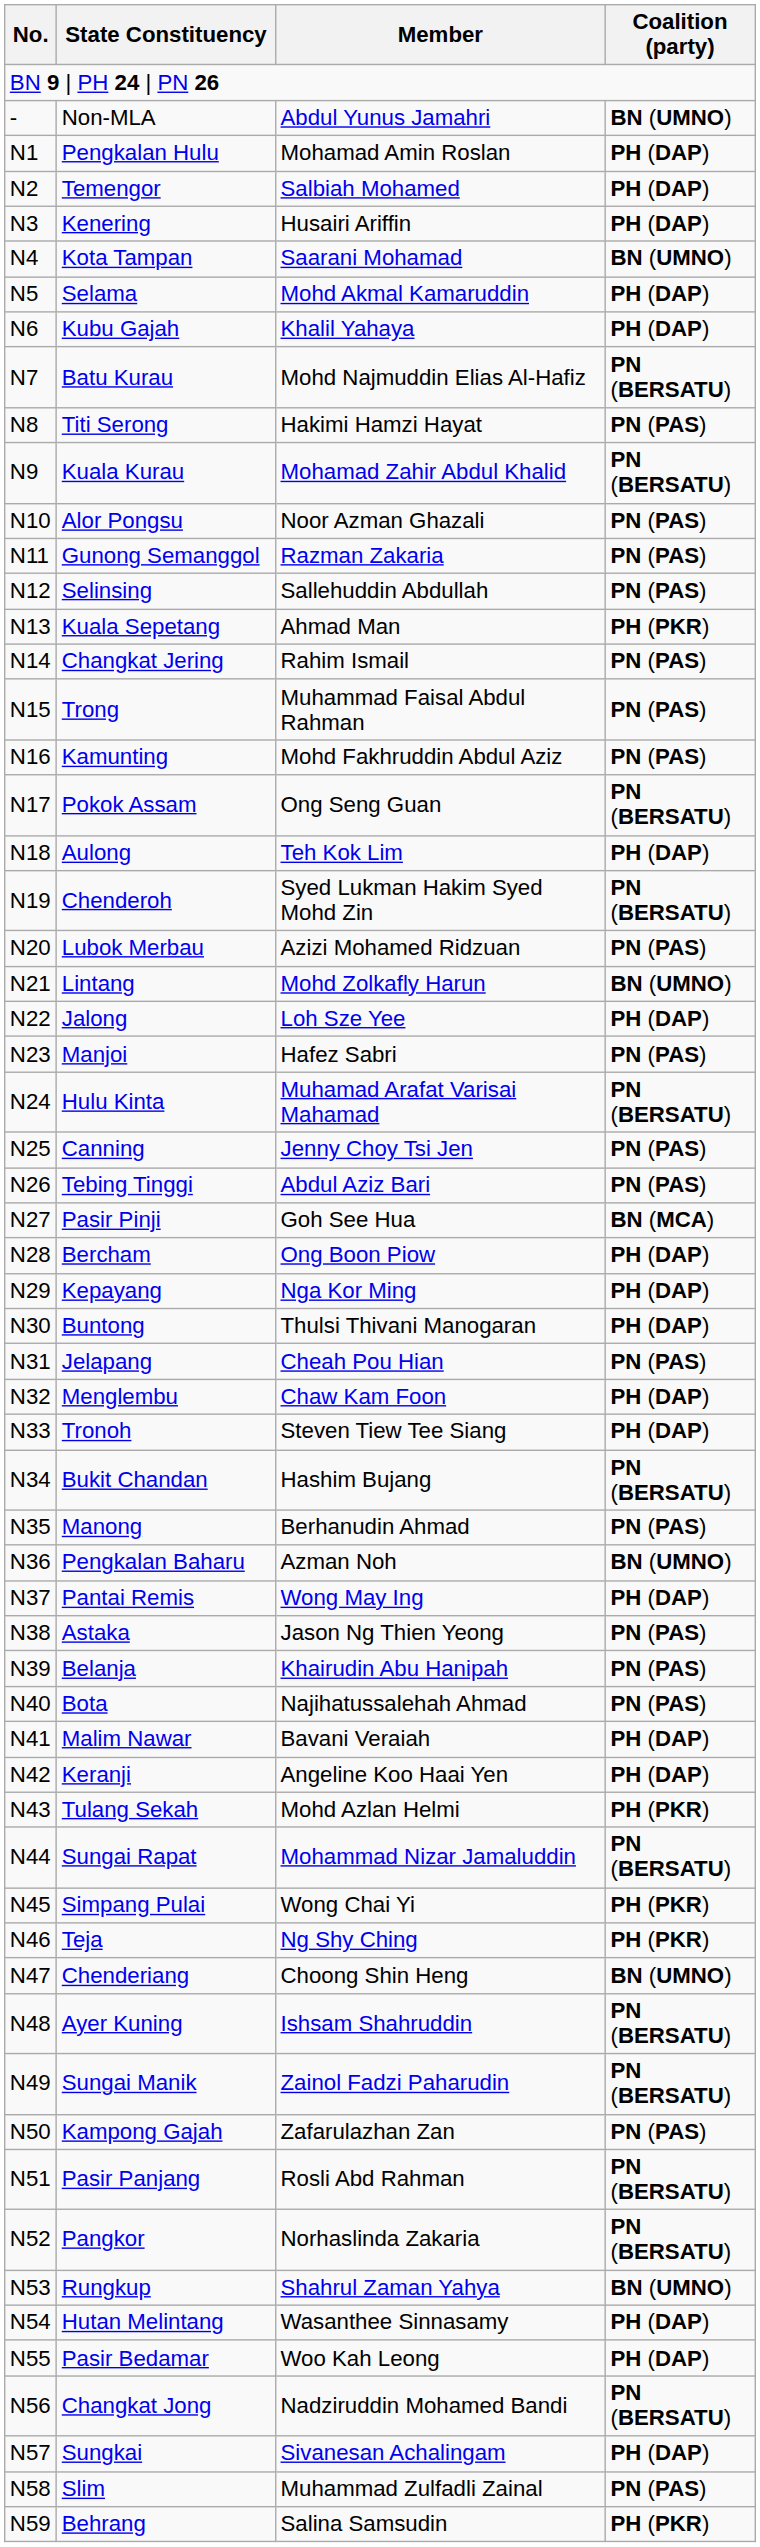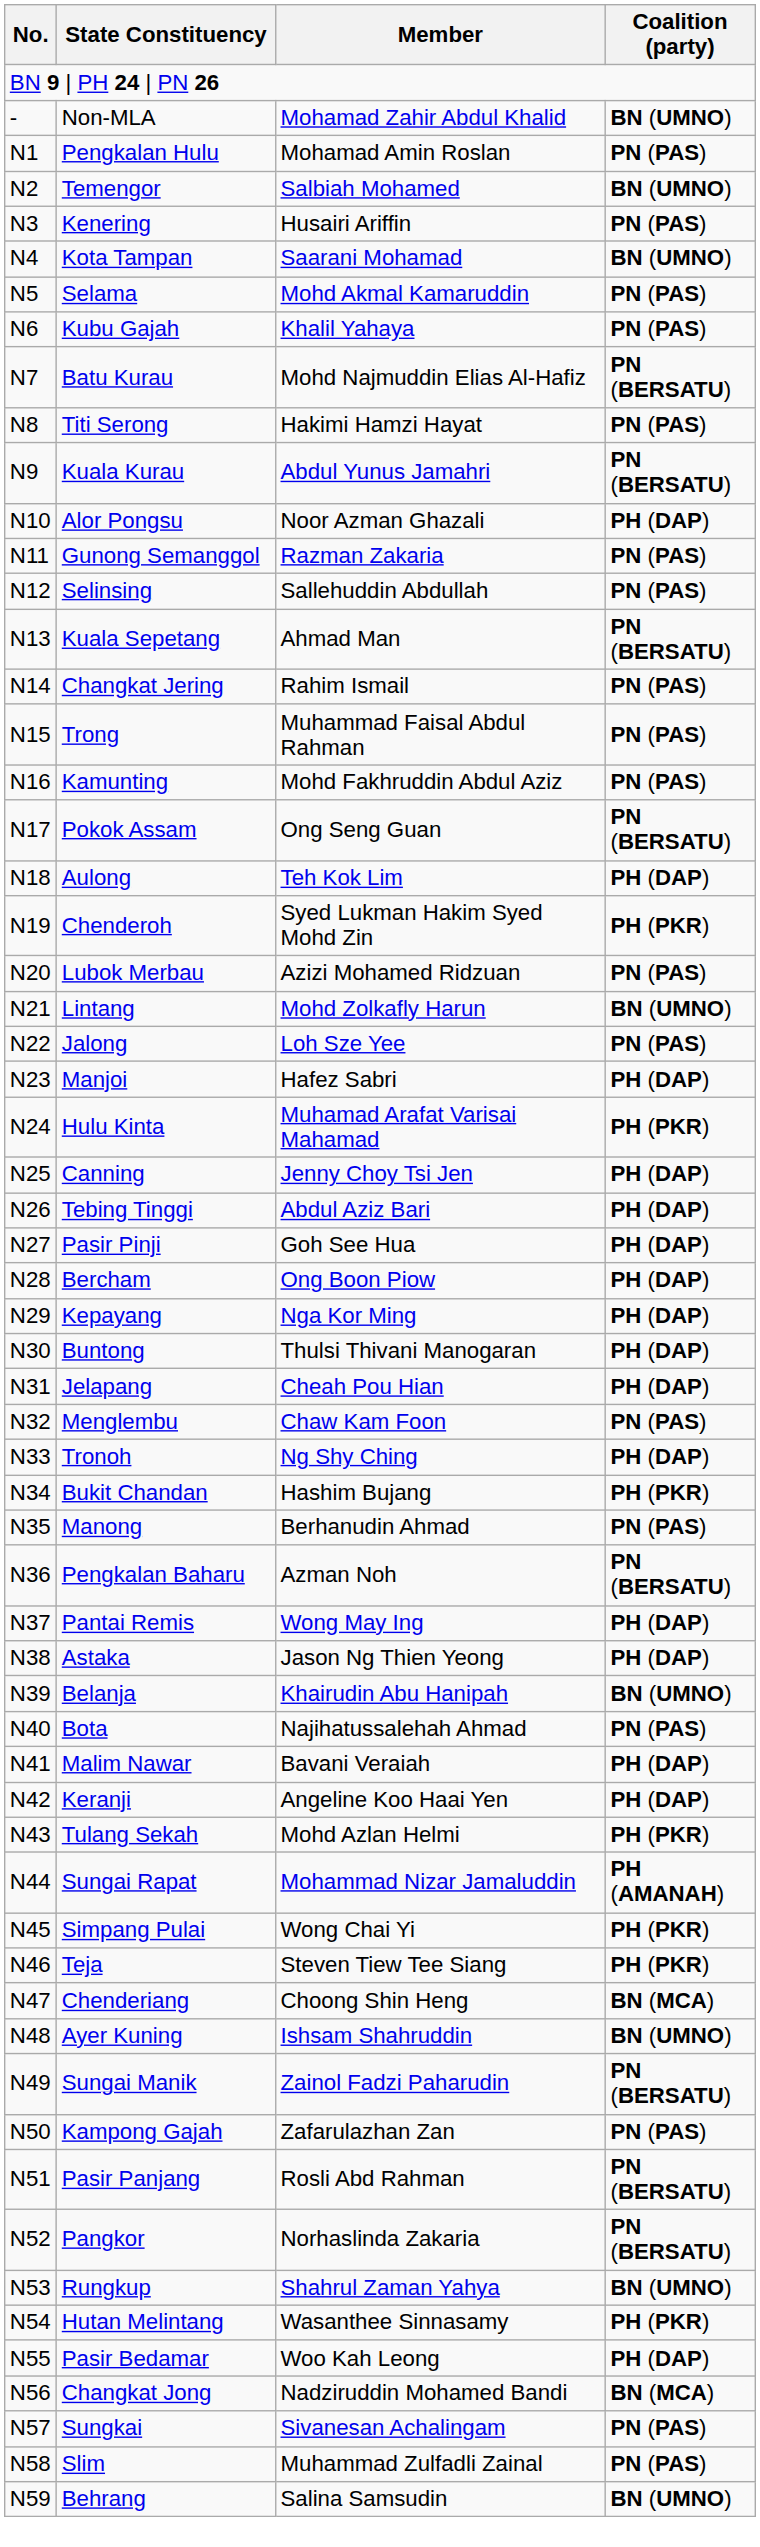 <table class="wikitable sortable">
 <tr>
 <th style="width:30px;">No.</th>
 <th style="width:150px;">State Constituency</th>
 <th style="width:230px;">Member</th>
 <th style="width:100px;">Coalition (party)</th>
 </tr>
 <tr>
 <td colspan="7"><a href='#'>BN</a> <strong>9</strong> | <a href='#'>PH</a> <strong>24</strong> | <a href='#'>PN</a> <strong>26</strong></td>
 </tr>
 <tr>
 <td>-</td>
 <td>Non-MLA</td>
-<td><a href='#'>Abdul Yunus Jamahri</a></td>
+<td><a href='#'>Mohamad Zahir Abdul Khalid</a></td>
 <td style="background:"><strong>BN</strong> (<strong>UMNO</strong>)</td>
 </tr>
 <tr>
 <td>N1</td>
 <td><a href='#'>Pengkalan Hulu</a></td>
 <td>Mohamad Amin Roslan</td>
-<td style="background:"><strong>PH</strong> (<strong>DAP</strong>)</td>
+<td style="background:"><strong>PN</strong> (<strong>PAS</strong>)</td>
 </tr>
 <tr>
 <td>N2</td>
 <td><a href='#'>Temengor</a></td>
 <td><a href='#'>Salbiah Mohamed</a></td>
-<td style="background:"><strong>PH</strong> (<strong>DAP</strong>)</td>
+<td style="background:"><strong>BN</strong> (<strong>UMNO</strong>)</td>
 </tr>
 <tr>
 <td>N3</td>
 <td><a href='#'>Kenering</a></td>
 <td>Husairi Ariffin</td>
-<td style="background:"><strong>PH</strong> (<strong>DAP</strong>)</td>
+<td style="background:"><strong>PN</strong> (<strong>PAS</strong>)</td>
 </tr>
 <tr>
 <td>N4</td>
 <td><a href='#'>Kota Tampan</a></td>
 <td><a href='#'>Saarani Mohamad</a></td>
 <td style="background:"><strong>BN</strong> (<strong>UMNO</strong>)</td>
 </tr>
 <tr>
 <td>N5</td>
 <td><a href='#'>Selama</a></td>
 <td><a href='#'>Mohd Akmal Kamaruddin</a></td>
-<td style="background:"><strong>PH</strong> (<strong>DAP</strong>)</td>
+<td style="background:"><strong>PN</strong> (<strong>PAS</strong>)</td>
 </tr>
 <tr>
 <td>N6</td>
 <td><a href='#'>Kubu Gajah</a></td>
 <td><a href='#'>Khalil Yahaya</a></td>
-<td style="background:"><strong>PH</strong> (<strong>DAP</strong>)</td>
+<td style="background:"><strong>PN</strong> (<strong>PAS</strong>)</td>
 </tr>
 <tr>
 <td>N7</td>
 <td><a href='#'>Batu Kurau</a></td>
 <td>Mohd Najmuddin Elias Al-Hafiz</td>
 <td style="background:"><strong>PN</strong> (<strong>BERSATU</strong>)</td>
 </tr>
 <tr>
 <td>N8</td>
 <td><a href='#'>Titi Serong</a></td>
 <td>Hakimi Hamzi Hayat</td>
 <td style="background:"><strong>PN</strong> (<strong>PAS</strong>)</td>
 </tr>
 <tr>
 <td>N9</td>
 <td><a href='#'>Kuala Kurau</a></td>
-<td><a href='#'>Mohamad Zahir Abdul Khalid</a></td>
+<td><a href='#'>Abdul Yunus Jamahri</a></td>
 <td style="background:"><strong>PN</strong> (<strong>BERSATU</strong>)</td>
 </tr>
 <tr>
 <td>N10</td>
 <td><a href='#'>Alor Pongsu</a></td>
 <td>Noor Azman Ghazali</td>
-<td style="background:"><strong>PN</strong> (<strong>PAS</strong>)</td>
+<td style="background:"><strong>PH</strong> (<strong>DAP</strong>)</td>
 </tr>
 <tr>
 <td>N11</td>
 <td><a href='#'>Gunong Semanggol</a></td>
 <td><a href='#'>Razman Zakaria</a></td>
 <td style="background:"><strong>PN</strong> (<strong>PAS</strong>)</td>
 </tr>
 <tr>
 <td>N12</td>
 <td><a href='#'>Selinsing</a></td>
 <td>Sallehuddin Abdullah</td>
 <td style="background:"><strong>PN</strong> (<strong>PAS</strong>)</td>
 </tr>
 <tr>
 <td>N13</td>
 <td><a href='#'>Kuala Sepetang</a></td>
 <td>Ahmad Man</td>
-<td style="background:"><strong>PH</strong> (<strong>PKR</strong>)</td>
+<td style="background:"><strong>PN</strong> (<strong>BERSATU</strong>)</td>
 </tr>
 <tr>
 <td>N14</td>
 <td><a href='#'>Changkat Jering</a></td>
 <td>Rahim Ismail</td>
 <td style="background:"><strong>PN</strong> (<strong>PAS</strong>)</td>
 </tr>
 <tr>
 <td>N15</td>
 <td><a href='#'>Trong</a></td>
 <td>Muhammad Faisal Abdul Rahman</td>
 <td style="background:"><strong>PN</strong> (<strong>PAS</strong>)</td>
 </tr>
 <tr>
 <td>N16</td>
 <td><a href='#'>Kamunting</a></td>
 <td>Mohd Fakhruddin Abdul Aziz</td>
 <td style="background:"><strong>PN</strong> (<strong>PAS</strong>)</td>
 </tr>
 <tr>
 <td>N17</td>
 <td><a href='#'>Pokok Assam</a></td>
 <td>Ong Seng Guan</td>
 <td style="background:"><strong>PN</strong> (<strong>BERSATU</strong>)</td>
 </tr>
 <tr>
 <td>N18</td>
 <td><a href='#'>Aulong</a></td>
 <td><a href='#'>Teh Kok Lim</a></td>
 <td style="background:"><strong>PH</strong> (<strong>DAP</strong>)</td>
 </tr>
 <tr>
 <td>N19</td>
 <td><a href='#'>Chenderoh</a></td>
 <td>Syed Lukman Hakim Syed Mohd Zin</td>
-<td style="background:"><strong>PN</strong> (<strong>BERSATU</strong>)</td>
+<td style="background:"><strong>PH</strong> (<strong>PKR</strong>)</td>
 </tr>
 <tr>
 <td>N20</td>
 <td><a href='#'>Lubok Merbau</a></td>
 <td>Azizi Mohamed Ridzuan</td>
 <td style="background:"><strong>PN</strong> (<strong>PAS</strong>)</td>
 </tr>
 <tr>
 <td>N21</td>
 <td><a href='#'>Lintang</a></td>
 <td><a href='#'>Mohd Zolkafly Harun</a></td>
 <td style="background:"><strong>BN</strong> (<strong>UMNO</strong>)</td>
 </tr>
 <tr>
 <td>N22</td>
 <td><a href='#'>Jalong</a></td>
 <td><a href='#'>Loh Sze Yee</a></td>
-<td style="background:"><strong>PH</strong> (<strong>DAP</strong>)</td>
+<td style="background:"><strong>PN</strong> (<strong>PAS</strong>)</td>
 </tr>
 <tr>
 <td>N23</td>
 <td><a href='#'>Manjoi</a></td>
 <td>Hafez Sabri</td>
-<td style="background:"><strong>PN</strong> (<strong>PAS</strong>)</td>
+<td style="background:"><strong>PH</strong> (<strong>DAP</strong>)</td>
 </tr>
 <tr>
 <td>N24</td>
 <td><a href='#'>Hulu Kinta</a></td>
 <td><a href='#'>Muhamad Arafat Varisai Mahamad</a></td>
-<td style="background:"><strong>PN</strong> (<strong>BERSATU</strong>)</td>
+<td style="background:"><strong>PH</strong> (<strong>PKR</strong>)</td>
 </tr>
 <tr>
 <td>N25</td>
 <td><a href='#'>Canning</a></td>
 <td><a href='#'>Jenny Choy Tsi Jen</a></td>
-<td style="background:"><strong>PN</strong> (<strong>PAS</strong>)</td>
+<td style="background:"><strong>PH</strong> (<strong>DAP</strong>)</td>
 </tr>
 <tr>
 <td>N26</td>
 <td><a href='#'>Tebing Tinggi</a></td>
 <td><a href='#'>Abdul Aziz Bari</a></td>
-<td style="background:"><strong>PN</strong> (<strong>PAS</strong>)</td>
+<td style="background:"><strong>PH</strong> (<strong>DAP</strong>)</td>
 </tr>
 <tr>
 <td>N27</td>
 <td><a href='#'>Pasir Pinji</a></td>
 <td>Goh See Hua</td>
-<td style="background:"><strong>BN</strong> (<strong>MCA</strong>)</td>
+<td style="background:"><strong>PH</strong> (<strong>DAP</strong>)</td>
 </tr>
 <tr>
 <td>N28</td>
 <td><a href='#'>Bercham</a></td>
 <td><a href='#'>Ong Boon Piow</a></td>
 <td style="background:"><strong>PH</strong> (<strong>DAP</strong>)</td>
 </tr>
 <tr>
 <td>N29</td>
 <td><a href='#'>Kepayang</a></td>
 <td><a href='#'>Nga Kor Ming</a></td>
 <td style="background:"><strong>PH</strong> (<strong>DAP</strong>)</td>
 </tr>
 <tr>
 <td>N30</td>
 <td><a href='#'>Buntong</a></td>
 <td>Thulsi Thivani Manogaran</td>
 <td style="background:"><strong>PH</strong> (<strong>DAP</strong>)</td>
 </tr>
 <tr>
 <td>N31</td>
 <td><a href='#'>Jelapang</a></td>
 <td><a href='#'>Cheah Pou Hian</a></td>
-<td style="background:"><strong>PN</strong> (<strong>PAS</strong>)</td>
+<td style="background:"><strong>PH</strong> (<strong>DAP</strong>)</td>
 </tr>
 <tr>
 <td>N32</td>
 <td><a href='#'>Menglembu</a></td>
 <td><a href='#'>Chaw Kam Foon</a></td>
-<td style="background:"><strong>PH</strong> (<strong>DAP</strong>)</td>
+<td style="background:"><strong>PN</strong> (<strong>PAS</strong>)</td>
 </tr>
 <tr>
 <td>N33</td>
 <td><a href='#'>Tronoh</a></td>
-<td>Steven Tiew Tee Siang</td>
+<td><a href='#'>Ng Shy Ching</a></td>
 <td style="background:"><strong>PH</strong> (<strong>DAP</strong>)</td>
 </tr>
 <tr>
 <td>N34</td>
 <td><a href='#'>Bukit Chandan</a></td>
 <td>Hashim Bujang</td>
-<td style="background:"><strong>PN</strong> (<strong>BERSATU</strong>)</td>
+<td style="background:"><strong>PH</strong> (<strong>PKR</strong>)</td>
 </tr>
 <tr>
 <td>N35</td>
 <td><a href='#'>Manong</a></td>
 <td>Berhanudin Ahmad</td>
 <td style="background:"><strong>PN</strong> (<strong>PAS</strong>)</td>
 </tr>
 <tr>
 <td>N36</td>
 <td><a href='#'>Pengkalan Baharu</a></td>
 <td>Azman Noh</td>
-<td style="background:"><strong>BN</strong> (<strong>UMNO</strong>)</td>
+<td style="background:"><strong>PN</strong> (<strong>BERSATU</strong>)</td>
 </tr>
 <tr>
 <td>N37</td>
 <td><a href='#'>Pantai Remis</a></td>
 <td><a href='#'>Wong May Ing</a></td>
 <td style="background:"><strong>PH</strong> (<strong>DAP</strong>)</td>
 </tr>
 <tr>
 <td>N38</td>
 <td><a href='#'>Astaka</a></td>
 <td>Jason Ng Thien Yeong</td>
-<td style="background:"><strong>PN</strong> (<strong>PAS</strong>)</td>
+<td style="background:"><strong>PH</strong> (<strong>DAP</strong>)</td>
 </tr>
 <tr>
 <td>N39</td>
 <td><a href='#'>Belanja</a></td>
 <td><a href='#'>Khairudin Abu Hanipah</a></td>
-<td style="background:"><strong>PN</strong> (<strong>PAS</strong>)</td>
+<td style="background:"><strong>BN</strong> (<strong>UMNO</strong>)</td>
 </tr>
 <tr>
 <td>N40</td>
 <td><a href='#'>Bota</a></td>
 <td>Najihatussalehah Ahmad</td>
 <td style="background:"><strong>PN</strong> (<strong>PAS</strong>)</td>
 </tr>
 <tr>
 <td>N41</td>
 <td><a href='#'>Malim Nawar</a></td>
 <td>Bavani Veraiah</td>
 <td style="background:"><strong>PH</strong> (<strong>DAP</strong>)</td>
 </tr>
 <tr>
 <td>N42</td>
 <td><a href='#'>Keranji</a></td>
 <td>Angeline Koo Haai Yen</td>
 <td style="background:"><strong>PH</strong> (<strong>DAP</strong>)</td>
 </tr>
 <tr>
 <td>N43</td>
 <td><a href='#'>Tulang Sekah</a></td>
 <td>Mohd Azlan Helmi</td>
 <td style="background:"><strong>PH</strong> (<strong>PKR</strong>)</td>
 </tr>
 <tr>
 <td>N44</td>
 <td><a href='#'>Sungai Rapat</a></td>
 <td><a href='#'>Mohammad Nizar Jamaluddin</a></td>
-<td style="background:"><strong>PN</strong> (<strong>BERSATU</strong>)</td>
+<td style="background:"><strong>PH</strong> (<strong>AMANAH</strong>)</td>
 </tr>
 <tr>
 <td>N45</td>
 <td><a href='#'>Simpang Pulai</a></td>
 <td>Wong Chai Yi</td>
 <td style="background:"><strong>PH</strong> (<strong>PKR</strong>)</td>
 </tr>
 <tr>
 <td>N46</td>
 <td><a href='#'>Teja</a></td>
-<td><a href='#'>Ng Shy Ching</a></td>
+<td>Steven Tiew Tee Siang</td>
 <td style="background:"><strong>PH</strong> (<strong>PKR</strong>)</td>
 </tr>
 <tr>
 <td>N47</td>
 <td><a href='#'>Chenderiang</a></td>
 <td>Choong Shin Heng</td>
-<td style="background:"><strong>BN</strong> (<strong>UMNO</strong>)</td>
+<td style="background:"><strong>BN</strong> (<strong>MCA</strong>)</td>
 </tr>
 <tr>
 <td>N48</td>
 <td><a href='#'>Ayer Kuning</a></td>
 <td><a href='#'>Ishsam Shahruddin</a></td>
-<td style="background:"><strong>PN</strong> (<strong>BERSATU</strong>)</td>
+<td style="background:"><strong>BN</strong> (<strong>UMNO</strong>)</td>
 </tr>
 <tr>
 <td>N49</td>
 <td><a href='#'>Sungai Manik</a></td>
 <td><a href='#'>Zainol Fadzi Paharudin</a></td>
 <td style="background:"><strong>PN</strong> (<strong>BERSATU</strong>)</td>
 </tr>
 <tr>
 <td>N50</td>
 <td><a href='#'>Kampong Gajah</a></td>
 <td>Zafarulazhan Zan</td>
 <td style="background:"><strong>PN</strong> (<strong>PAS</strong>)</td>
 </tr>
 <tr>
 <td>N51</td>
 <td><a href='#'>Pasir Panjang</a></td>
 <td>Rosli Abd Rahman</td>
 <td style="background:"><strong>PN</strong> (<strong>BERSATU</strong>)</td>
 </tr>
 <tr>
 <td>N52</td>
 <td><a href='#'>Pangkor</a></td>
 <td>Norhaslinda Zakaria</td>
 <td style="background:"><strong>PN</strong> (<strong>BERSATU</strong>)</td>
 </tr>
 <tr>
 <td>N53</td>
 <td><a href='#'>Rungkup</a></td>
 <td><a href='#'>Shahrul Zaman Yahya</a></td>
 <td style="background:"><strong>BN</strong> (<strong>UMNO</strong>)</td>
 </tr>
 <tr>
 <td>N54</td>
 <td><a href='#'>Hutan Melintang</a></td>
 <td>Wasanthee Sinnasamy</td>
-<td style="background:"><strong>PH</strong> (<strong>DAP</strong>)</td>
+<td style="background:"><strong>PH</strong> (<strong>PKR</strong>)</td>
 </tr>
 <tr>
 <td>N55</td>
 <td><a href='#'>Pasir Bedamar</a></td>
 <td>Woo Kah Leong</td>
 <td style="background:"><strong>PH</strong> (<strong>DAP</strong>)</td>
 </tr>
 <tr>
 <td>N56</td>
 <td><a href='#'>Changkat Jong</a></td>
 <td>Nadziruddin Mohamed Bandi</td>
-<td style="background:"><strong>PN</strong> (<strong>BERSATU</strong>)</td>
+<td style="background:"><strong>BN</strong> (<strong>MCA</strong>)</td>
 </tr>
 <tr>
 <td>N57</td>
 <td><a href='#'>Sungkai</a></td>
 <td><a href='#'>Sivanesan Achalingam</a></td>
-<td style="background:"><strong>PH</strong> (<strong>DAP</strong>)</td>
+<td style="background:"><strong>PN</strong> (<strong>PAS</strong>)</td>
 </tr>
 <tr>
 <td>N58</td>
 <td><a href='#'>Slim</a></td>
 <td>Muhammad Zulfadli Zainal</td>
 <td style="background:"><strong>PN</strong> (<strong>PAS</strong>)</td>
 </tr>
 <tr>
 <td>N59</td>
 <td><a href='#'>Behrang</a></td>
 <td>Salina Samsudin</td>
-<td style="background:"><strong>PH</strong> (<strong>PKR</strong>)</td>
+<td style="background:"><strong>BN</strong> (<strong>UMNO</strong>)</td>
 </tr>
 </table>
